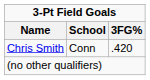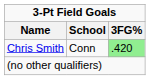 <table class="wikitable">
 <tr>
 <td colspan=3 style="text-align:center;"><strong>3-Pt Field Goals</strong></td>
 </tr>
 <tr>
 <th>Name</th>
 <th>School</th>
 <th>3FG%</th>
 </tr>
 <tr>
 <td><a href='#'>Chris Smith</a></td>
 <td>Conn</td>
-<td>.420</td>
+<td style="background: lightgreen;">.420</td>
 </tr>
 <tr>
 <td colspan=3>(no other qualifiers)</td>
 </tr>
 </table>
